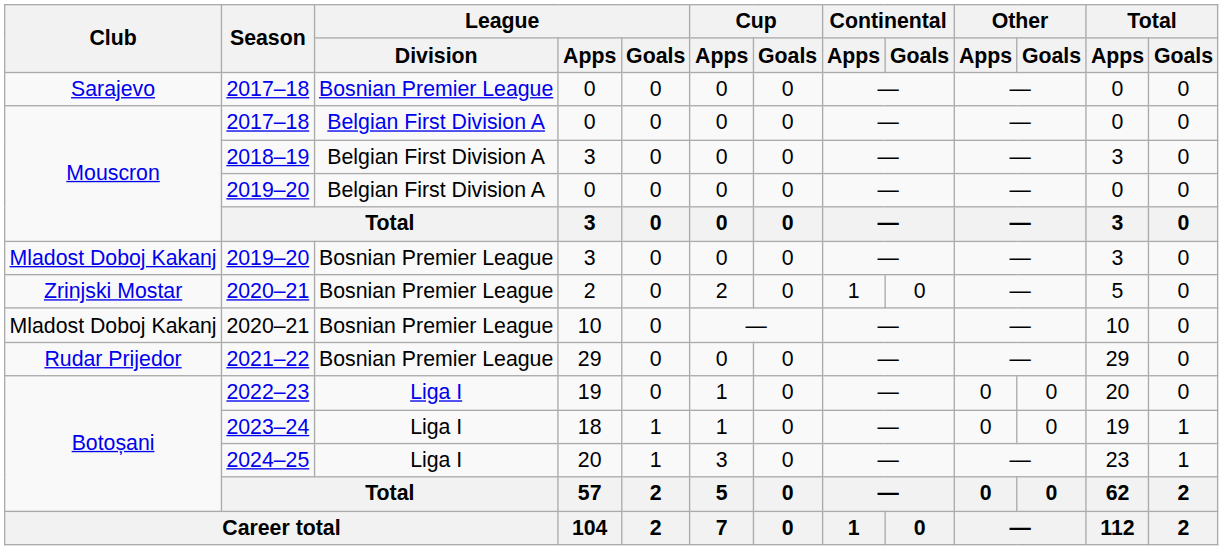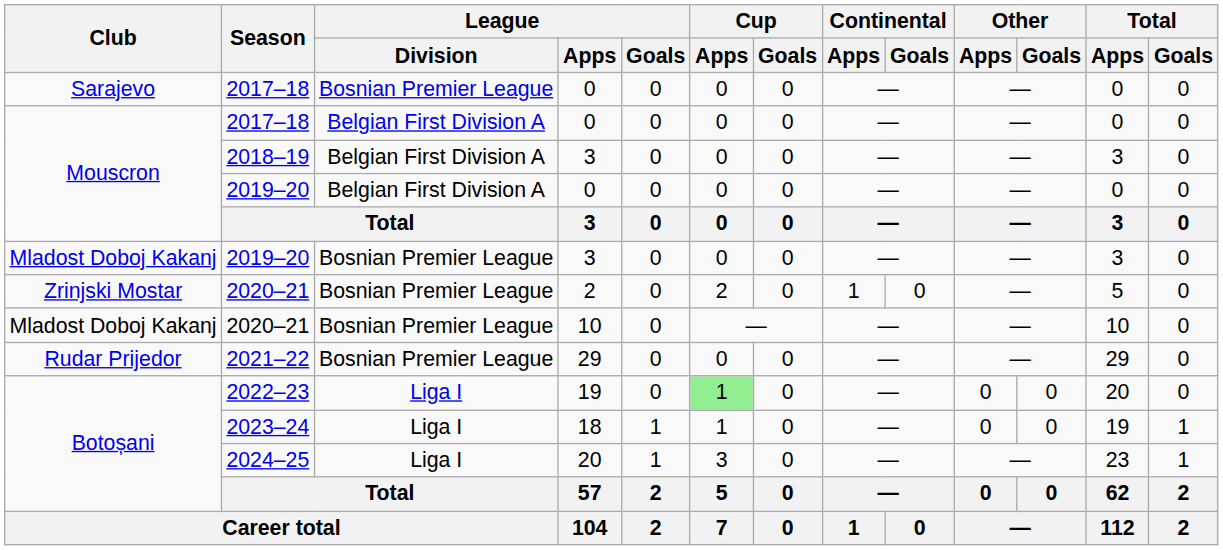 <table class="wikitable" style="text-align:center">
 <tr>
 <th rowspan="2">Club</th>
 <th rowspan="2">Season</th>
 <th colspan="3">League</th>
 <th colspan="2">Cup</th>
 <th colspan="2">Continental</th>
 <th colspan="2">Other</th>
 <th colspan="2">Total</th>
 </tr>
 <tr>
 <th>Division</th>
 <th>Apps</th>
 <th>Goals</th>
 <th>Apps</th>
 <th>Goals</th>
 <th>Apps</th>
 <th>Goals</th>
 <th>Apps</th>
 <th>Goals</th>
 <th>Apps</th>
 <th>Goals</th>
 </tr>
 <tr>
 <td><a href='#'>Sarajevo</a></td>
 <td><a href='#'>2017–18</a></td>
 <td><a href='#'>Bosnian Premier League</a></td>
 <td>0</td>
 <td>0</td>
 <td>0</td>
 <td>0</td>
 <td colspan="2">—</td>
 <td colspan="2">—</td>
 <td>0</td>
 <td>0</td>
 </tr>
 <tr>
 <td rowspan="4"><a href='#'>Mouscron</a></td>
 <td><a href='#'>2017–18</a></td>
 <td><a href='#'>Belgian First Division A</a></td>
 <td>0</td>
 <td>0</td>
 <td>0</td>
 <td>0</td>
 <td colspan="2">—</td>
 <td colspan="2">—</td>
 <td>0</td>
 <td>0</td>
 </tr>
 <tr>
 <td><a href='#'>2018–19</a></td>
 <td>Belgian First Division A</td>
 <td>3</td>
 <td>0</td>
 <td>0</td>
 <td>0</td>
 <td colspan="2">—</td>
 <td colspan="2">—</td>
 <td>3</td>
 <td>0</td>
 </tr>
 <tr>
 <td><a href='#'>2019–20</a></td>
 <td>Belgian First Division A</td>
 <td>0</td>
 <td>0</td>
 <td>0</td>
 <td>0</td>
 <td colspan="2">—</td>
 <td colspan="2">—</td>
 <td>0</td>
 <td>0</td>
 </tr>
 <tr>
 <th colspan=2>Total</th>
 <th>3</th>
 <th>0</th>
 <th>0</th>
 <th>0</th>
 <th colspan="2">—</th>
 <th colspan="2">—</th>
 <th>3</th>
 <th>0</th>
 </tr>
 <tr>
 <td><a href='#'>Mladost Doboj Kakanj</a></td>
 <td><a href='#'>2019–20</a></td>
 <td>Bosnian Premier League</td>
 <td>3</td>
 <td>0</td>
 <td>0</td>
 <td>0</td>
 <td colspan="2">—</td>
 <td colspan="2">—</td>
 <td>3</td>
 <td>0</td>
 </tr>
 <tr>
 <td><a href='#'>Zrinjski Mostar</a></td>
 <td><a href='#'>2020–21</a></td>
 <td>Bosnian Premier League</td>
 <td>2</td>
 <td>0</td>
 <td>2</td>
 <td>0</td>
 <td>1</td>
 <td>0</td>
 <td colspan="2">—</td>
 <td>5</td>
 <td>0</td>
 </tr>
 <tr>
 <td>Mladost Doboj Kakanj</td>
 <td>2020–21</td>
 <td>Bosnian Premier League</td>
 <td>10</td>
 <td>0</td>
 <td colspan="2">—</td>
 <td colspan="2">—</td>
 <td colspan="2">—</td>
 <td>10</td>
 <td>0</td>
 </tr>
 <tr>
 <td><a href='#'>Rudar Prijedor</a></td>
 <td><a href='#'>2021–22</a></td>
 <td>Bosnian Premier League</td>
 <td>29</td>
 <td>0</td>
 <td>0</td>
 <td>0</td>
 <td colspan="2">—</td>
 <td colspan="2">—</td>
 <td>29</td>
 <td>0</td>
 </tr>
 <tr>
 <td rowspan="4"><a href='#'>Botoșani</a></td>
 <td><a href='#'>2022–23</a></td>
 <td><a href='#'>Liga I</a></td>
 <td>19</td>
 <td>0</td>
-<td>1</td>
+<td style="background: lightgreen;">1</td>
 <td>0</td>
 <td colspan="2">—</td>
 <td>0</td>
 <td>0</td>
 <td>20</td>
 <td>0</td>
 </tr>
 <tr>
 <td><a href='#'>2023–24</a></td>
 <td>Liga I</td>
 <td>18</td>
 <td>1</td>
 <td>1</td>
 <td>0</td>
 <td colspan="2">—</td>
 <td>0</td>
 <td>0</td>
 <td>19</td>
 <td>1</td>
 </tr>
 <tr>
 <td><a href='#'>2024–25</a></td>
 <td>Liga I</td>
 <td>20</td>
 <td>1</td>
 <td>3</td>
 <td>0</td>
 <td colspan="2">—</td>
 <td colspan="2">—</td>
 <td>23</td>
 <td>1</td>
 </tr>
 <tr>
 <th colspan=2>Total</th>
 <th>57</th>
 <th>2</th>
 <th>5</th>
 <th>0</th>
 <th colspan="2">—</th>
 <th>0</th>
 <th>0</th>
 <th>62</th>
 <th>2</th>
 </tr>
 <tr>
 <th colspan=3>Career total</th>
 <th>104</th>
 <th>2</th>
 <th>7</th>
 <th>0</th>
 <th>1</th>
 <th>0</th>
 <th colspan="2">—</th>
 <th>112</th>
 <th>2</th>
 </tr>
 </table>
